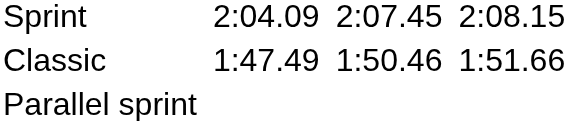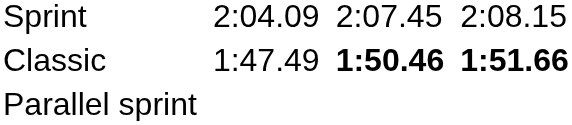 <table>
 <tr>
 <td>Sprint</td>
 <td></td>
 <td>2:04.09</td>
 <td></td>
 <td>2:07.45</td>
 <td></td>
 <td>2:08.15</td>
 </tr>
 <tr>
 <td>Classic</td>
 <td></td>
 <td>1:47.49</td>
 <td></td>
-<td>1:50.46</td>
+<td><strong>1:50.46</strong></td>
 <td></td>
-<td>1:51.66</td>
+<td><strong>1:51.66</strong></td>
 </tr>
 <tr>
 <td>Parallel sprint</td>
 <td colspan="2"></td>
 <td colspan="2"></td>
 <td colspan="2"></td>
 </tr>
 </table>
